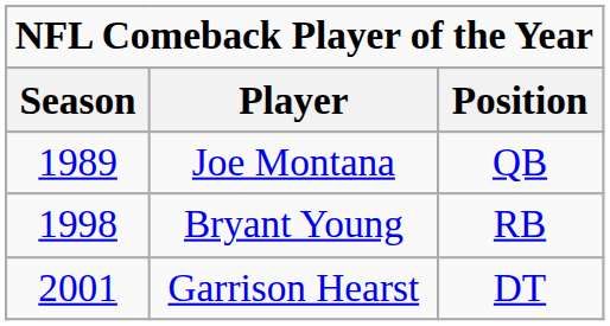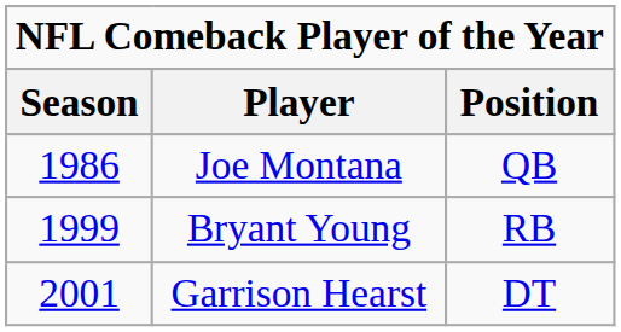 <table class="wikitable sortable" style="text-align:center">
 <tr>
 <td colspan="3"><strong>NFL Comeback Player of the Year</strong></td>
 </tr>
 <tr>
 <th>Season</th>
 <th>Player</th>
 <th>Position</th>
 </tr>
 <tr>
-<td><a href='#'>1989</a></td>
+<td><a href='#'>1986</a></td>
 <td><a href='#'>Joe Montana</a></td>
 <td><a href='#'>QB</a></td>
 </tr>
 <tr>
-<td><a href='#'>1998</a></td>
+<td><a href='#'>1999</a></td>
 <td><a href='#'>Bryant Young</a></td>
 <td><a href='#'>RB</a></td>
 </tr>
 <tr>
 <td><a href='#'>2001</a></td>
 <td><a href='#'>Garrison Hearst</a></td>
 <td><a href='#'>DT</a></td>
 </tr>
 </table>
